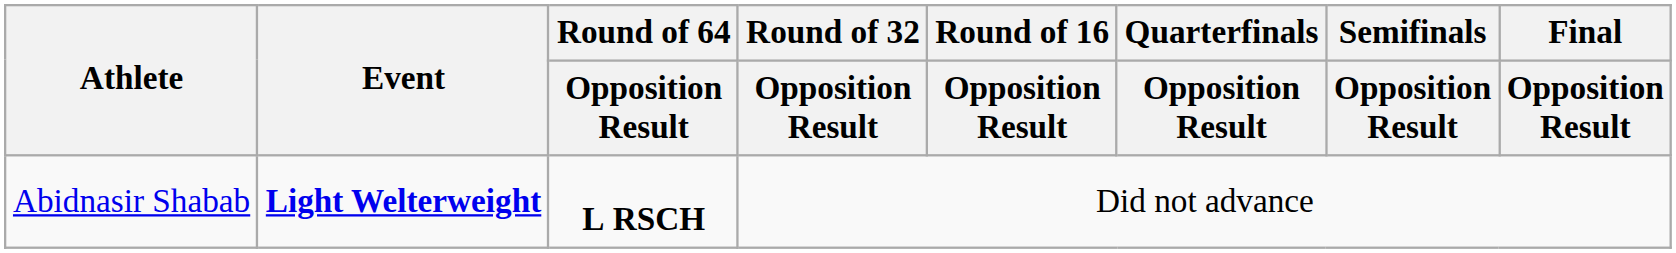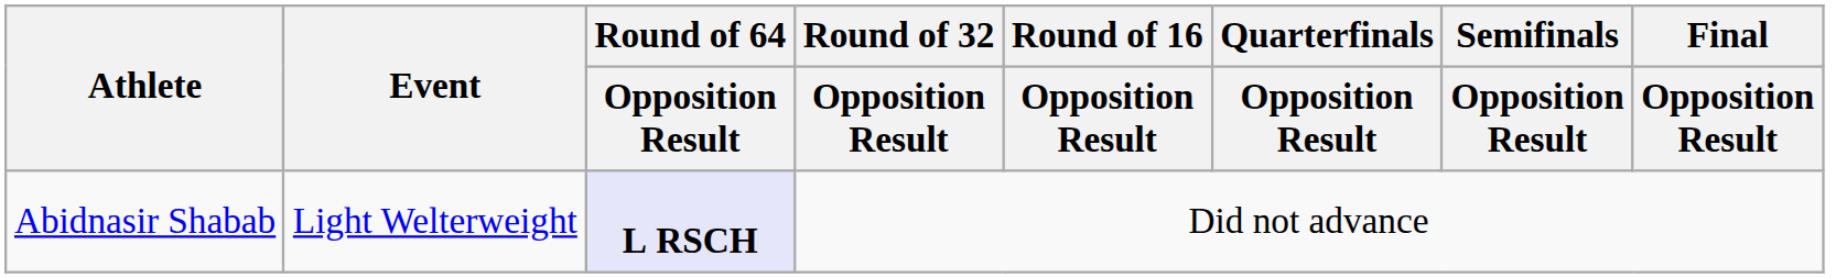 <table class="wikitable" style="font-size:90%">
 <tr>
 <th rowspan="2">Athlete</th>
 <th rowspan="2">Event</th>
 <th>Round of 64</th>
 <th>Round of 32</th>
 <th>Round of 16</th>
 <th>Quarterfinals</th>
 <th>Semifinals</th>
 <th>Final</th>
 </tr>
 <tr>
 <th>Opposition<br>Result</th>
 <th>Opposition<br>Result</th>
 <th>Opposition<br>Result</th>
 <th>Opposition<br>Result</th>
 <th>Opposition<br>Result</th>
 <th>Opposition<br>Result</th>
 </tr>
 <tr>
 <td><a href='#'>Abidnasir Shabab</a></td>
-<td><strong><a href='#'>Light Welterweight</a></strong></td>
-<td align=center><br><strong>L</strong> <strong>RSCH</strong></td>
+<td><a href='#'>Light Welterweight</a></td>
+<td align=center style="background: lavender;"><br><strong>L</strong> <strong>RSCH</strong></td>
 <td align=center colspan="7">Did not advance</td>
 </tr>
 </table>
